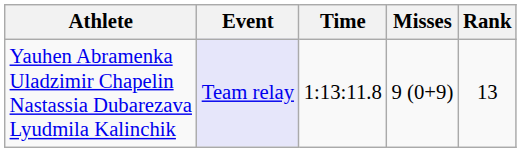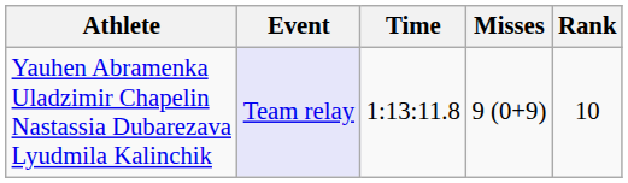 <table class="wikitable" style="font-size:90%">
 <tr>
 <th>Athlete</th>
 <th>Event</th>
 <th>Time</th>
 <th>Misses</th>
 <th>Rank</th>
 </tr>
 <tr align=center>
 <td align=left><a href='#'>Yauhen Abramenka</a><br><a href='#'>Uladzimir Chapelin</a><br><a href='#'>Nastassia Dubarezava</a><br><a href='#'>Lyudmila Kalinchik</a></td>
 <td align=left style="background: lavender;"><a href='#'>Team relay</a></td>
 <td>1:13:11.8</td>
 <td>9 (0+9)</td>
-<td>13</td>
+<td>10</td>
 </tr>
 </table>
